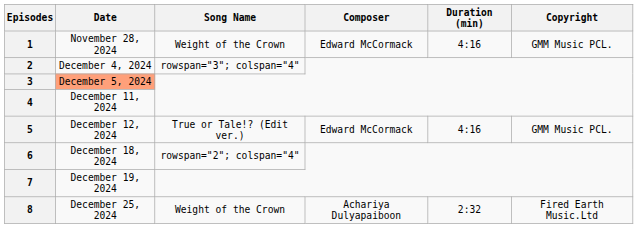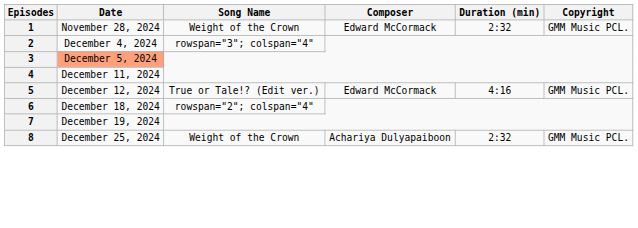 <table class=wikitable style="text-align:center; font-size:100%; width:850px; margin:0px auto;">
 <tr>
 <th>Episodes</th>
 <th>Date</th>
 <th>Song Name</th>
 <th>Composer</th>
 <th>Duration (min)</th>
 <th>Copyright</th>
 </tr>
 <tr>
 <th>1</th>
 <td>November 28, 2024</td>
 <td>Weight of the Crown</td>
 <td>Edward McCormack</td>
-<td>4:16</td>
+<td>2:32</td>
 <td>GMM Music PCL.</td>
 </tr>
 <tr>
 <th>2</th>
 <td>December 4, 2024</td>
 <td>rowspan="3"; colspan="4" </td>
 </tr>
 <tr>
 <th>3</th>
 <td style="background: lightsalmon;">December 5, 2024</td>
 </tr>
 <tr>
 <th>4</th>
 <td>December 11, 2024</td>
 </tr>
 <tr>
 <th>5</th>
 <td>December 12, 2024</td>
 <td>True or Tale!? (Edit ver.)</td>
 <td>Edward McCormack</td>
 <td>4:16</td>
 <td>GMM Music PCL.</td>
 </tr>
 <tr>
 <th>6</th>
 <td>December 18, 2024</td>
 <td>rowspan="2"; colspan="4" </td>
 </tr>
 <tr>
 <th>7</th>
 <td>December 19, 2024</td>
 </tr>
 <tr>
 <th>8</th>
 <td>December 25, 2024</td>
 <td>Weight of the Crown</td>
 <td>Achariya Dulyapaiboon</td>
 <td>2:32</td>
-<td>Fired Earth Music.Ltd</td>
+<td>GMM Music PCL.</td>
 </tr>
 </table>
